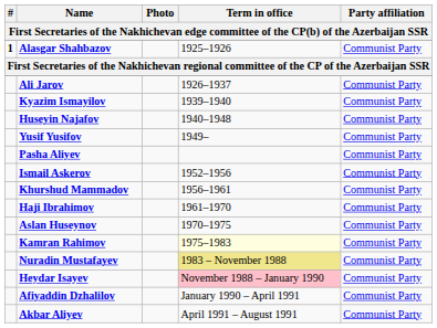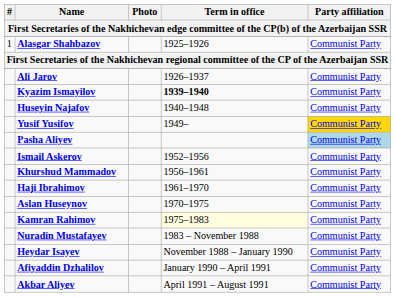 <table class=wikitable align="center">
 <tr>
 <th>#</th>
 <th>Name</th>
 <th>Photo</th>
 <th>Term in office</th>
 <th>Party affiliation</th>
 </tr>
 <tr>
 <th colspan=8>First Secretaries of the Nakhichevan edge committee of the CP(b) of the Azerbaijan SSR</th>
 </tr>
 <tr>
 </tr>
 <tr>
-<td><strong>1</strong></td>
+<td>1</td>
 <td><strong><a href='#'>Alasgar Shahbazov</a></strong></td>
 <td></td>
 <td>1925–1926</td>
 <td><a href='#'>Communist Party</a></td>
 </tr>
 <tr>
 <th colspan=8>First Secretaries of the Nakhichevan regional committee of the CP of the Azerbaijan SSR</th>
 </tr>
 <tr>
 </tr>
 <tr>
 <td></td>
 <td><strong><a href='#'>Ali Jarov</a></strong></td>
 <td></td>
 <td>1926–1937</td>
 <td><a href='#'>Communist Party</a></td>
 </tr>
 <tr>
 <td></td>
 <td><strong><a href='#'>Kyazim Ismayilov</a></strong></td>
 <td></td>
-<td>1939–1940</td>
+<td><strong>1939–1940</strong></td>
 <td><a href='#'>Communist Party</a></td>
 </tr>
 <tr>
 <td></td>
 <td><strong><a href='#'>Huseyin Najafov</a></strong></td>
 <td></td>
 <td>1940–1948</td>
 <td><a href='#'>Communist Party</a></td>
 </tr>
 <tr>
 <td></td>
 <td><strong><a href='#'>Yusif Yusifov</a></strong></td>
 <td></td>
 <td>1949–</td>
-<td><a href='#'>Communist Party</a></td>
+<td style="background: gold;"><a href='#'>Communist Party</a></td>
 </tr>
 <tr>
 <td></td>
 <td><strong><a href='#'>Pasha Aliyev</a></strong></td>
 <td></td>
 <td></td>
-<td><a href='#'>Communist Party</a></td>
+<td style="background: lightblue;"><a href='#'>Communist Party</a></td>
 </tr>
 <tr>
 <td></td>
 <td><strong><a href='#'>Ismail Askerov</a></strong></td>
 <td></td>
 <td>1952–1956</td>
 <td><a href='#'>Communist Party</a></td>
 </tr>
 <tr>
 <td></td>
 <td><strong><a href='#'>Khurshud Mammadov</a></strong></td>
 <td></td>
 <td>1956–1961</td>
 <td><a href='#'>Communist Party</a></td>
 </tr>
 <tr>
 <td></td>
 <td><strong><a href='#'>Haji Ibrahimov</a></strong></td>
 <td></td>
 <td>1961–1970</td>
 <td><a href='#'>Communist Party</a></td>
 </tr>
 <tr>
 <td></td>
 <td><strong><a href='#'>Aslan Huseynov</a></strong></td>
 <td></td>
 <td>1970–1975</td>
 <td><a href='#'>Communist Party</a></td>
 </tr>
 <tr>
 <td></td>
 <td><strong><a href='#'>Kamran Rahimov</a></strong></td>
 <td></td>
 <td style="background: lightyellow;">1975–1983</td>
 <td><a href='#'>Communist Party</a></td>
 </tr>
 <tr>
 <td></td>
 <td><strong><a href='#'>Nuradin Mustafayev</a></strong></td>
 <td></td>
-<td style="background: khaki;">1983 – November 1988</td>
+<td>1983 – November 1988</td>
 <td><a href='#'>Communist Party</a></td>
 </tr>
 <tr>
 <td></td>
 <td><strong><a href='#'>Heydar Isayev</a></strong></td>
 <td></td>
-<td style="background: pink;">November 1988 – January 1990</td>
+<td>November 1988 – January 1990</td>
 <td><a href='#'>Communist Party</a></td>
 </tr>
 <tr>
 <td></td>
 <td><strong><a href='#'>Afiyaddin Dzhalilov</a></strong></td>
 <td></td>
 <td>January 1990 – April 1991</td>
 <td><a href='#'>Communist Party</a></td>
 </tr>
 <tr>
 <td></td>
 <td><strong><a href='#'>Akbar Aliyev</a></strong></td>
 <td></td>
 <td>April 1991 – August 1991</td>
 <td><a href='#'>Communist Party</a></td>
 </tr>
 </table>
